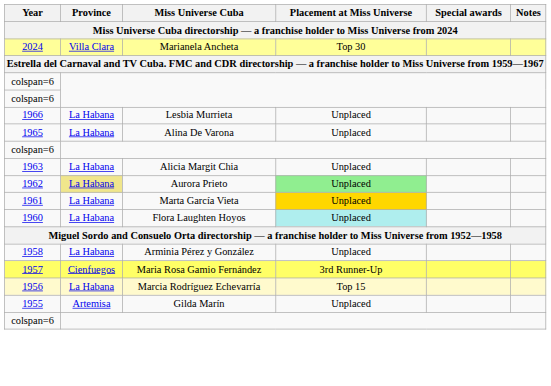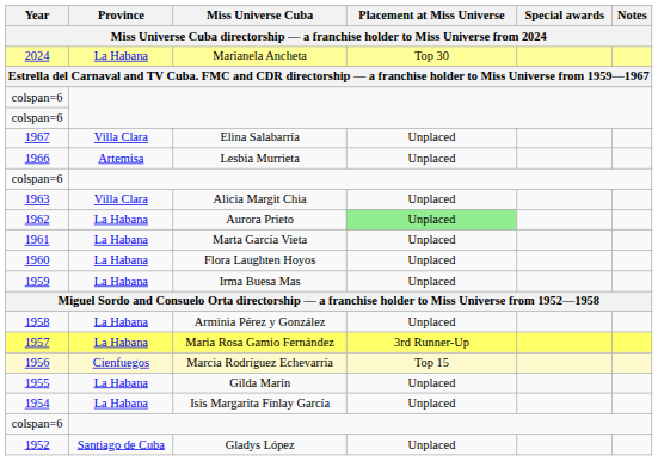 <table class="wikitable " style="font-size: 90%; text-align:center;">
 <tr>
 <th>Year</th>
 <th>Province</th>
 <th>Miss Universe Cuba</th>
 <th>Placement at Miss Universe</th>
 <th>Special awards</th>
 <th>Notes</th>
 </tr>
 <tr>
 <th colspan="6">Miss Universe Cuba directorship — a franchise holder to Miss Universe from 2024</th>
 </tr>
 <tr style="background-color:#FFFF99; ">
 <td><a href='#'>2024</a></td>
-<td><a href='#'>Villa Clara</a></td>
+<td><a href='#'>La Habana</a></td>
 <td>Marianela Ancheta</td>
 <td>Top 30</td>
 <td></td>
 <td></td>
 </tr>
 <tr>
 <th colspan="6">Estrella del Carnaval and TV Cuba. FMC and CDR directorship — a franchise holder to Miss Universe from 1959—1967</th>
 </tr>
 <tr>
 <td>colspan=6 </td>
 </tr>
 <tr>
 <td>colspan=6 </td>
 </tr>
 <tr>
-<td><a href='#'>1966</a></td>
-<td><a href='#'>La Habana</a></td>
-<td>Lesbia Murrieta</td>
+<td><a href='#'>1967</a></td>
+<td><a href='#'>Villa Clara</a></td>
+<td>Elina Salabarría</td>
 <td>Unplaced</td>
 <td></td>
 <td></td>
 </tr>
 <tr>
-<td><a href='#'>1965</a></td>
-<td><a href='#'>La Habana</a></td>
-<td>Alina De Varona</td>
+<td><a href='#'>1966</a></td>
+<td><a href='#'>Artemisa</a></td>
+<td>Lesbia Murrieta</td>
 <td>Unplaced</td>
 <td></td>
 <td></td>
 </tr>
 <tr>
 <td>colspan=6 </td>
 </tr>
 <tr>
 <td><a href='#'>1963</a></td>
-<td><a href='#'>La Habana</a></td>
+<td><a href='#'>Villa Clara</a></td>
 <td>Alicia Margit Chia</td>
 <td>Unplaced</td>
 <td></td>
 <td></td>
 </tr>
 <tr>
 <td><a href='#'>1962</a></td>
-<td style="background: khaki;"><a href='#'>La Habana</a></td>
+<td><a href='#'>La Habana</a></td>
 <td>Aurora Prieto</td>
 <td style="background: lightgreen;">Unplaced</td>
 <td></td>
 <td></td>
 </tr>
 <tr>
 <td><a href='#'>1961</a></td>
 <td><a href='#'>La Habana</a></td>
 <td>Marta García Vieta</td>
-<td style="background: gold;">Unplaced</td>
+<td>Unplaced</td>
 <td></td>
 <td></td>
 </tr>
 <tr>
 <td><a href='#'>1960</a></td>
 <td><a href='#'>La Habana</a></td>
 <td>Flora Laughten Hoyos</td>
-<td style="background: paleturquoise;">Unplaced</td>
+<td>Unplaced</td>
+<td></td>
+<td></td>
+</tr>
+<tr>
+<td><a href='#'>1959</a></td>
+<td><a href='#'>La Habana</a></td>
+<td>Irma Buesa Mas</td>
+<td>Unplaced</td>
 <td></td>
 <td></td>
 </tr>
 <tr>
 <th colspan="6">Miguel Sordo and Consuelo Orta directorship — a franchise holder to Miss Universe from 1952—1958</th>
 </tr>
 <tr>
 <td><a href='#'>1958</a></td>
 <td><a href='#'>La Habana</a></td>
 <td>Arminia Pérez y González</td>
 <td>Unplaced</td>
 <td></td>
 <td></td>
 </tr>
 <tr style="background-color:#FFFF66">
 <td><a href='#'>1957</a></td>
-<td><a href='#'>Cienfuegos</a></td>
+<td><a href='#'>La Habana</a></td>
 <td>Maria Rosa Gamio Fernández</td>
 <td>3rd Runner-Up</td>
 <td></td>
 <td></td>
 </tr>
 <tr style="background-color:#FFFACD">
 <td><a href='#'>1956</a></td>
-<td><a href='#'>La Habana</a></td>
+<td><a href='#'>Cienfuegos</a></td>
 <td>Marcia Rodríguez Echevarría</td>
 <td>Top 15</td>
 <td></td>
 <td></td>
 </tr>
 <tr>
 <td><a href='#'>1955</a></td>
-<td><a href='#'>Artemisa</a></td>
+<td><a href='#'>La Habana</a></td>
 <td>Gilda Marín</td>
+<td>Unplaced</td>
+<td></td>
+<td></td>
+</tr>
+<tr>
+<td><a href='#'>1954</a></td>
+<td><a href='#'>La Habana</a></td>
+<td>Isis Margarita Finlay García</td>
 <td>Unplaced</td>
 <td></td>
 <td></td>
 </tr>
 <tr>
 <td>colspan=6 </td>
 </tr>
+<tr>
+<td><a href='#'>1952</a></td>
+<td><a href='#'>Santiago de Cuba</a></td>
+<td>Gladys López</td>
+<td>Unplaced</td>
+<td></td>
+<td></td>
+</tr>
 </table>
